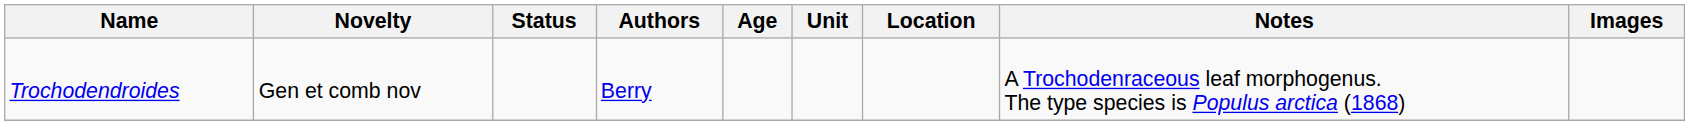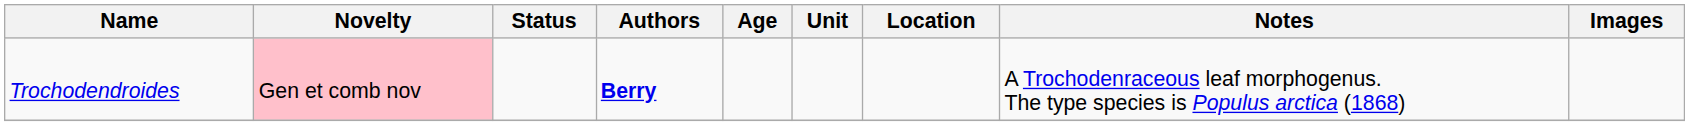 <table class="wikitable sortable" align="center" width="100%">
 <tr>
 <th>Name</th>
 <th>Novelty</th>
 <th>Status</th>
 <th>Authors</th>
 <th>Age</th>
 <th>Unit</th>
 <th>Location</th>
 <th>Notes</th>
 <th>Images</th>
 </tr>
 <tr>
 <td><br><em><a href='#'>Trochodendroides</a></em></td>
-<td><br>Gen et comb nov</td>
+<td style="background: pink;"><br>Gen et comb nov</td>
 <td></td>
-<td><br><a href='#'>Berry</a></td>
+<td><strong><br><a href='#'>Berry</a></strong></td>
 <td></td>
 <td></td>
 <td><br></td>
 <td><br>A <a href='#'>Trochodenraceous</a> leaf morphogenus.<br>The type species is <em><a href='#'>Populus arctica</a></em> (<a href='#'>1868</a>)</td>
 <td></td>
 </tr>
 <tr>
 </tr>
 </table>
